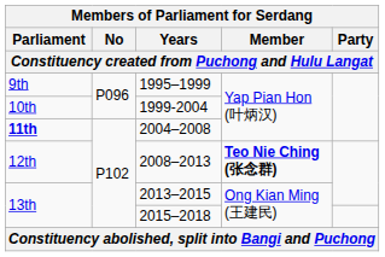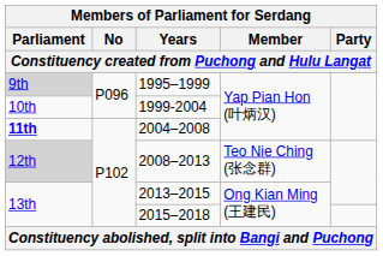 <table class=wikitable>
 <tr>
 <th colspan="5">Members of Parliament for Serdang</th>
 </tr>
 <tr>
 <th>Parliament</th>
 <th>No</th>
 <th>Years</th>
 <th>Member</th>
 <th>Party</th>
 </tr>
 <tr>
 <th colspan="5" align="center"><em>Constituency created from <a href='#'>Puchong</a> and <a href='#'>Hulu Langat</a></em></th>
 </tr>
 <tr>
-<td><a href='#'>9th</a></td>
+<td style="background: lightgrey;"><a href='#'>9th</a></td>
 <td rowspan="2">P096</td>
 <td>1995–1999</td>
 <td rowspan=3><a href='#'>Yap Pian Hon</a>  <br>(叶炳汉)</td>
 <td rowspan="3"></td>
 </tr>
 <tr>
 <td><a href='#'>10th</a></td>
 <td>1999-2004</td>
 </tr>
 <tr>
 <td><strong><a href='#'>11th</a></strong></td>
 <td rowspan=4>P102</td>
 <td>2004–2008</td>
 </tr>
 <tr>
-<td><a href='#'>12th</a></td>
+<td style="background: lightgrey;"><a href='#'>12th</a></td>
 <td>2008–2013</td>
-<td><strong><a href='#'>Teo Nie Ching</a>  <br>(张念群)</strong></td>
+<td><a href='#'>Teo Nie Ching</a>  <br>(张念群)</td>
 <td rowspan="2"></td>
 </tr>
 <tr>
 <td rowspan=2><a href='#'>13th</a></td>
 <td>2013–2015</td>
 <td rowspan=2><a href='#'>Ong Kian Ming</a>  <br>(王建民)</td>
 </tr>
 <tr>
 <td>2015–2018</td>
 <td></td>
 </tr>
 <tr>
 <th colspan="5" align="center"><em>Constituency abolished, split into <a href='#'>Bangi</a> and <a href='#'>Puchong</a></em></th>
 </tr>
 </table>
